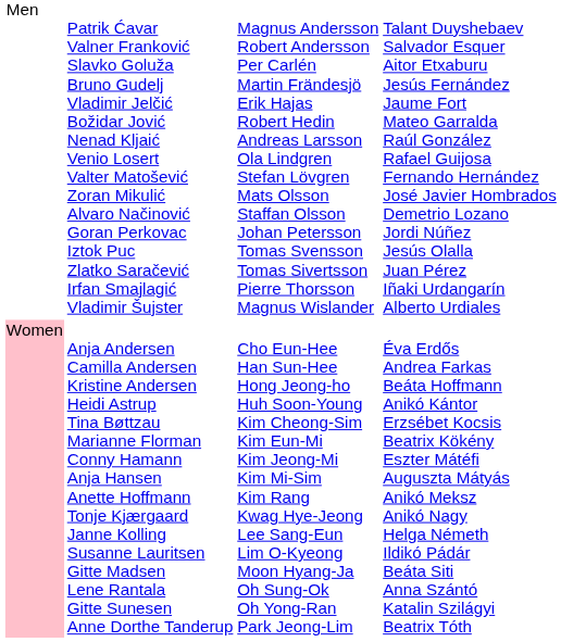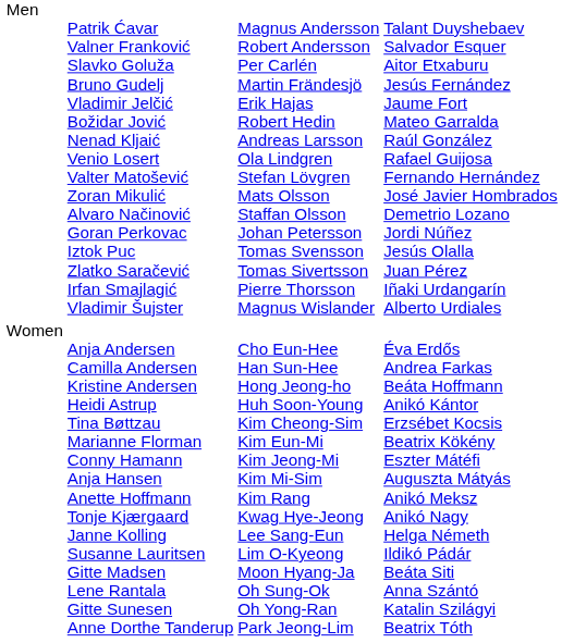 <table>
 <tr valign="top">
 <td>Men <br></td>
 <td><br><a href='#'>Patrik Ćavar</a><br><a href='#'>Valner Franković</a><br><a href='#'>Slavko Goluža</a><br><a href='#'>Bruno Gudelj</a><br><a href='#'>Vladimir Jelčić</a><br><a href='#'>Božidar Jović</a><br><a href='#'>Nenad Kljaić</a><br><a href='#'>Venio Losert</a><br><a href='#'>Valter Matošević</a><br><a href='#'>Zoran Mikulić</a><br><a href='#'>Alvaro Načinović</a><br><a href='#'>Goran Perkovac</a><br><a href='#'>Iztok Puc</a><br><a href='#'>Zlatko Saračević</a><br><a href='#'>Irfan Smajlagić</a><br><a href='#'>Vladimir Šujster</a></td>
 <td><br><a href='#'>Magnus Andersson</a><br><a href='#'>Robert Andersson</a><br><a href='#'>Per Carlén</a><br><a href='#'>Martin Frändesjö</a><br><a href='#'>Erik Hajas</a><br><a href='#'>Robert Hedin</a><br><a href='#'>Andreas Larsson</a><br><a href='#'>Ola Lindgren</a><br><a href='#'>Stefan Lövgren</a><br><a href='#'>Mats Olsson</a><br><a href='#'>Staffan Olsson</a><br><a href='#'>Johan Petersson</a><br><a href='#'>Tomas Svensson</a><br><a href='#'>Tomas Sivertsson</a><br><a href='#'>Pierre Thorsson</a><br><a href='#'>Magnus Wislander</a></td>
 <td><br><a href='#'>Talant Duyshebaev</a><br><a href='#'>Salvador Esquer</a><br><a href='#'>Aitor Etxaburu</a><br><a href='#'>Jesús Fernández</a><br><a href='#'>Jaume Fort</a><br><a href='#'>Mateo Garralda</a><br><a href='#'>Raúl González</a><br><a href='#'>Rafael Guijosa</a><br><a href='#'>Fernando Hernández</a><br><a href='#'>José Javier Hombrados</a><br><a href='#'>Demetrio Lozano</a><br><a href='#'>Jordi Núñez</a><br><a href='#'>Jesús Olalla</a><br><a href='#'>Juan Pérez</a><br><a href='#'>Iñaki Urdangarín</a><br><a href='#'>Alberto Urdiales</a></td>
 </tr>
 <tr valign="top">
-<td style="background: pink;">Women <br></td>
+<td>Women <br></td>
 <td><br><a href='#'>Anja Andersen</a><br><a href='#'>Camilla Andersen</a><br><a href='#'>Kristine Andersen</a><br><a href='#'>Heidi Astrup</a><br><a href='#'>Tina Bøttzau</a><br><a href='#'>Marianne Florman</a><br><a href='#'>Conny Hamann</a><br><a href='#'>Anja Hansen</a><br><a href='#'>Anette Hoffmann</a><br><a href='#'>Tonje Kjærgaard</a><br><a href='#'>Janne Kolling</a><br><a href='#'>Susanne Lauritsen</a><br><a href='#'>Gitte Madsen</a><br><a href='#'>Lene Rantala</a><br><a href='#'>Gitte Sunesen</a><br><a href='#'>Anne Dorthe Tanderup</a></td>
 <td><br><a href='#'>Cho Eun-Hee</a><br><a href='#'>Han Sun-Hee</a><br><a href='#'>Hong Jeong-ho</a><br><a href='#'>Huh Soon-Young</a><br><a href='#'>Kim Cheong-Sim</a><br><a href='#'>Kim Eun-Mi</a><br><a href='#'>Kim Jeong-Mi</a><br><a href='#'>Kim Mi-Sim</a><br><a href='#'>Kim Rang</a><br><a href='#'>Kwag Hye-Jeong</a><br><a href='#'>Lee Sang-Eun</a><br><a href='#'>Lim O-Kyeong</a><br><a href='#'>Moon Hyang-Ja</a><br><a href='#'>Oh Sung-Ok</a><br><a href='#'>Oh Yong-Ran</a><br><a href='#'>Park Jeong-Lim</a></td>
 <td><br><a href='#'>Éva Erdős</a><br><a href='#'>Andrea Farkas</a><br><a href='#'>Beáta Hoffmann</a><br><a href='#'>Anikó Kántor</a><br><a href='#'>Erzsébet Kocsis</a><br><a href='#'>Beatrix Kökény</a><br><a href='#'>Eszter Mátéfi</a><br><a href='#'>Auguszta Mátyás</a><br><a href='#'>Anikó Meksz</a><br><a href='#'>Anikó Nagy</a><br><a href='#'>Helga Németh</a><br><a href='#'>Ildikó Pádár</a><br><a href='#'>Beáta Siti</a><br><a href='#'>Anna Szántó</a><br><a href='#'>Katalin Szilágyi</a><br><a href='#'>Beatrix Tóth</a></td>
 </tr>
 </table>
